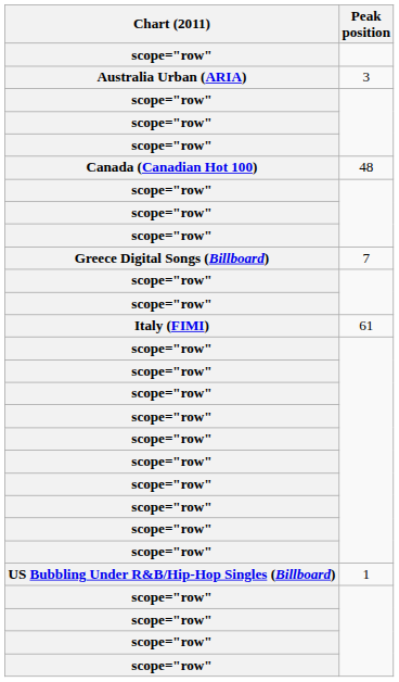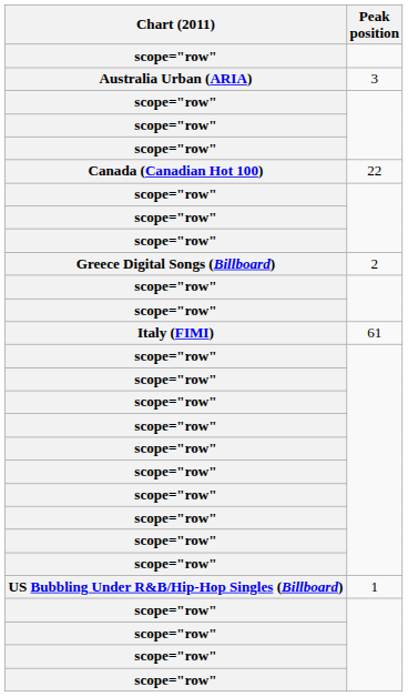 <table class="wikitable sortable plainrowheaders" style="text-align:center">
 <tr>
 <th scope="col">Chart (2011)</th>
 <th scope="col">Peak<br>position</th>
 </tr>
 <tr>
 <th>scope="row"</th>
 </tr>
 <tr>
 <th scope="row">Australia Urban (<a href='#'>ARIA</a>)</th>
 <td style="text-align:center;">3</td>
 </tr>
 <tr>
 <th>scope="row"</th>
 </tr>
 <tr>
 <th>scope="row"</th>
 </tr>
 <tr>
 <th>scope="row"</th>
 </tr>
 <tr>
 <th scope="row">Canada (<a href='#'>Canadian Hot 100</a>)</th>
-<td style="text-align:center;">48</td>
+<td style="text-align:center;">22</td>
 </tr>
 <tr>
 <th>scope="row"</th>
 </tr>
 <tr>
 <th>scope="row"</th>
 </tr>
 <tr>
 <th>scope="row"</th>
 </tr>
 <tr>
 <th scope="row">Greece Digital Songs (<em><a href='#'>Billboard</a></em>)</th>
-<td style="text-align:center;">7</td>
+<td style="text-align:center;">2</td>
 </tr>
 <tr>
 <th>scope="row"</th>
 </tr>
 <tr>
 <th>scope="row"</th>
 </tr>
 <tr>
 <th scope="row">Italy (<a href='#'>FIMI</a>)</th>
 <td>61</td>
 </tr>
 <tr>
 <th>scope="row"</th>
 </tr>
 <tr>
 <th>scope="row"</th>
 </tr>
 <tr>
 <th>scope="row"</th>
 </tr>
 <tr>
 <th>scope="row"</th>
 </tr>
 <tr>
 <th>scope="row"</th>
 </tr>
 <tr>
 <th>scope="row"</th>
 </tr>
 <tr>
 <th>scope="row"</th>
 </tr>
 <tr>
 <th>scope="row"</th>
 </tr>
 <tr>
 <th>scope="row"</th>
 </tr>
 <tr>
 <th>scope="row"</th>
 </tr>
 <tr>
 <th scope="row">US <a href='#'>Bubbling Under R&B/Hip-Hop Singles</a> (<a href='#'><em>Billboard</em></a>)</th>
 <td style="text-align:center;">1</td>
 </tr>
 <tr>
 <th>scope="row"</th>
 </tr>
 <tr>
 <th>scope="row"</th>
 </tr>
 <tr>
 <th>scope="row"</th>
 </tr>
 <tr>
 <th>scope="row"</th>
 </tr>
 </table>
